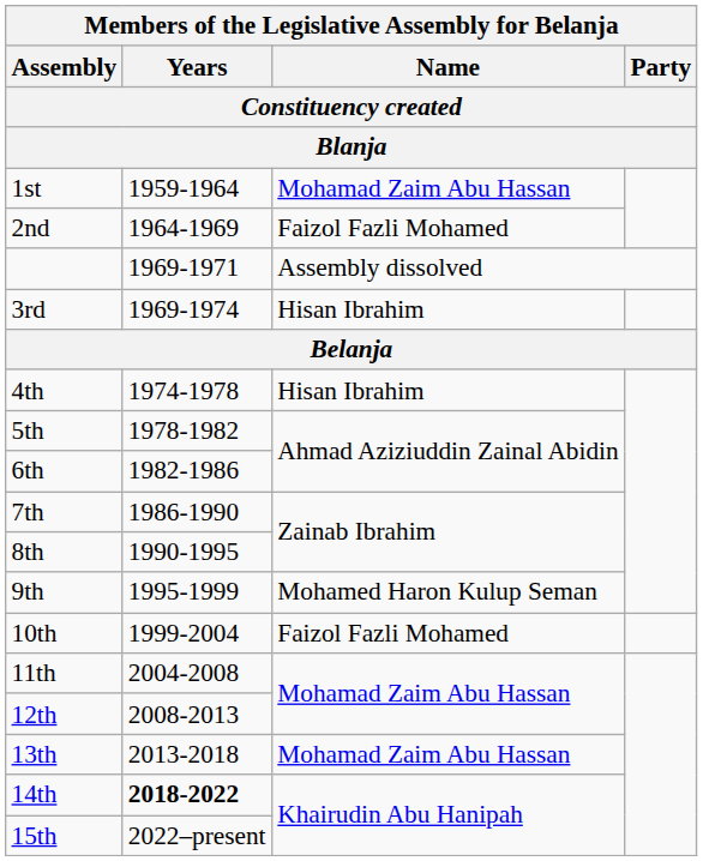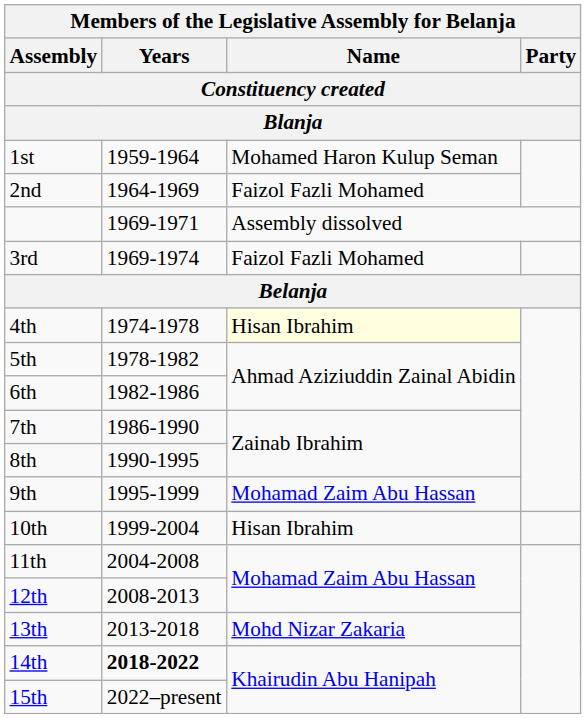 <table class="wikitable">
 <tr>
 <th colspan="4">Members of the Legislative Assembly for Belanja</th>
 </tr>
 <tr>
 <th>Assembly</th>
 <th>Years</th>
 <th>Name</th>
 <th>Party</th>
 </tr>
 <tr>
 <th colspan="4"><em>Constituency created</em></th>
 </tr>
 <tr>
 <th colspan="4"><em>Blanja</em></th>
 </tr>
 <tr>
 <td>1st</td>
 <td>1959-1964</td>
-<td><a href='#'>Mohamad Zaim Abu Hassan</a></td>
+<td>Mohamed Haron Kulup Seman</td>
 <td rowspan="2"></td>
 </tr>
 <tr>
 <td>2nd</td>
 <td>1964-1969</td>
 <td>Faizol Fazli Mohamed</td>
 </tr>
 <tr>
 <td></td>
 <td>1969-1971</td>
 <td colspan="2">Assembly dissolved</td>
 </tr>
 <tr>
 <td>3rd</td>
 <td>1969-1974</td>
-<td>Hisan Ibrahim</td>
+<td>Faizol Fazli Mohamed</td>
 <td></td>
 </tr>
 <tr>
 <th colspan="4"><em>Belanja</em></th>
 </tr>
 <tr>
 <td>4th</td>
 <td>1974-1978</td>
-<td>Hisan Ibrahim</td>
+<td style="background: lightyellow;">Hisan Ibrahim</td>
 <td rowspan="6"></td>
 </tr>
 <tr>
 <td>5th</td>
 <td>1978-1982</td>
 <td rowspan="2">Ahmad Aziziuddin Zainal Abidin</td>
 </tr>
 <tr>
 <td>6th</td>
 <td>1982-1986</td>
 </tr>
 <tr>
 <td>7th</td>
 <td>1986-1990</td>
 <td rowspan="2">Zainab Ibrahim</td>
 </tr>
 <tr>
 <td>8th</td>
 <td>1990-1995</td>
 </tr>
 <tr>
 <td>9th</td>
 <td>1995-1999</td>
-<td>Mohamed Haron Kulup Seman</td>
+<td><a href='#'>Mohamad Zaim Abu Hassan</a></td>
 </tr>
 <tr>
 <td>10th</td>
 <td>1999-2004</td>
-<td>Faizol Fazli Mohamed</td>
+<td>Hisan Ibrahim</td>
 <td></td>
 </tr>
 <tr>
 <td>11th</td>
 <td>2004-2008</td>
 <td rowspan="2"><a href='#'>Mohamad Zaim Abu Hassan</a></td>
 <td rowspan="5"></td>
 </tr>
 <tr>
 <td><a href='#'>12th</a></td>
 <td>2008-2013</td>
 </tr>
 <tr>
 <td><a href='#'>13th</a></td>
 <td>2013-2018</td>
-<td><a href='#'>Mohamad Zaim Abu Hassan</a></td>
+<td><a href='#'>Mohd Nizar Zakaria</a></td>
 </tr>
 <tr>
 <td><a href='#'>14th</a></td>
 <td><strong>2018-2022</strong></td>
 <td rowspan="2"><a href='#'>Khairudin Abu Hanipah</a></td>
 </tr>
 <tr>
 <td><a href='#'>15th</a></td>
 <td>2022–present</td>
 </tr>
 </table>
